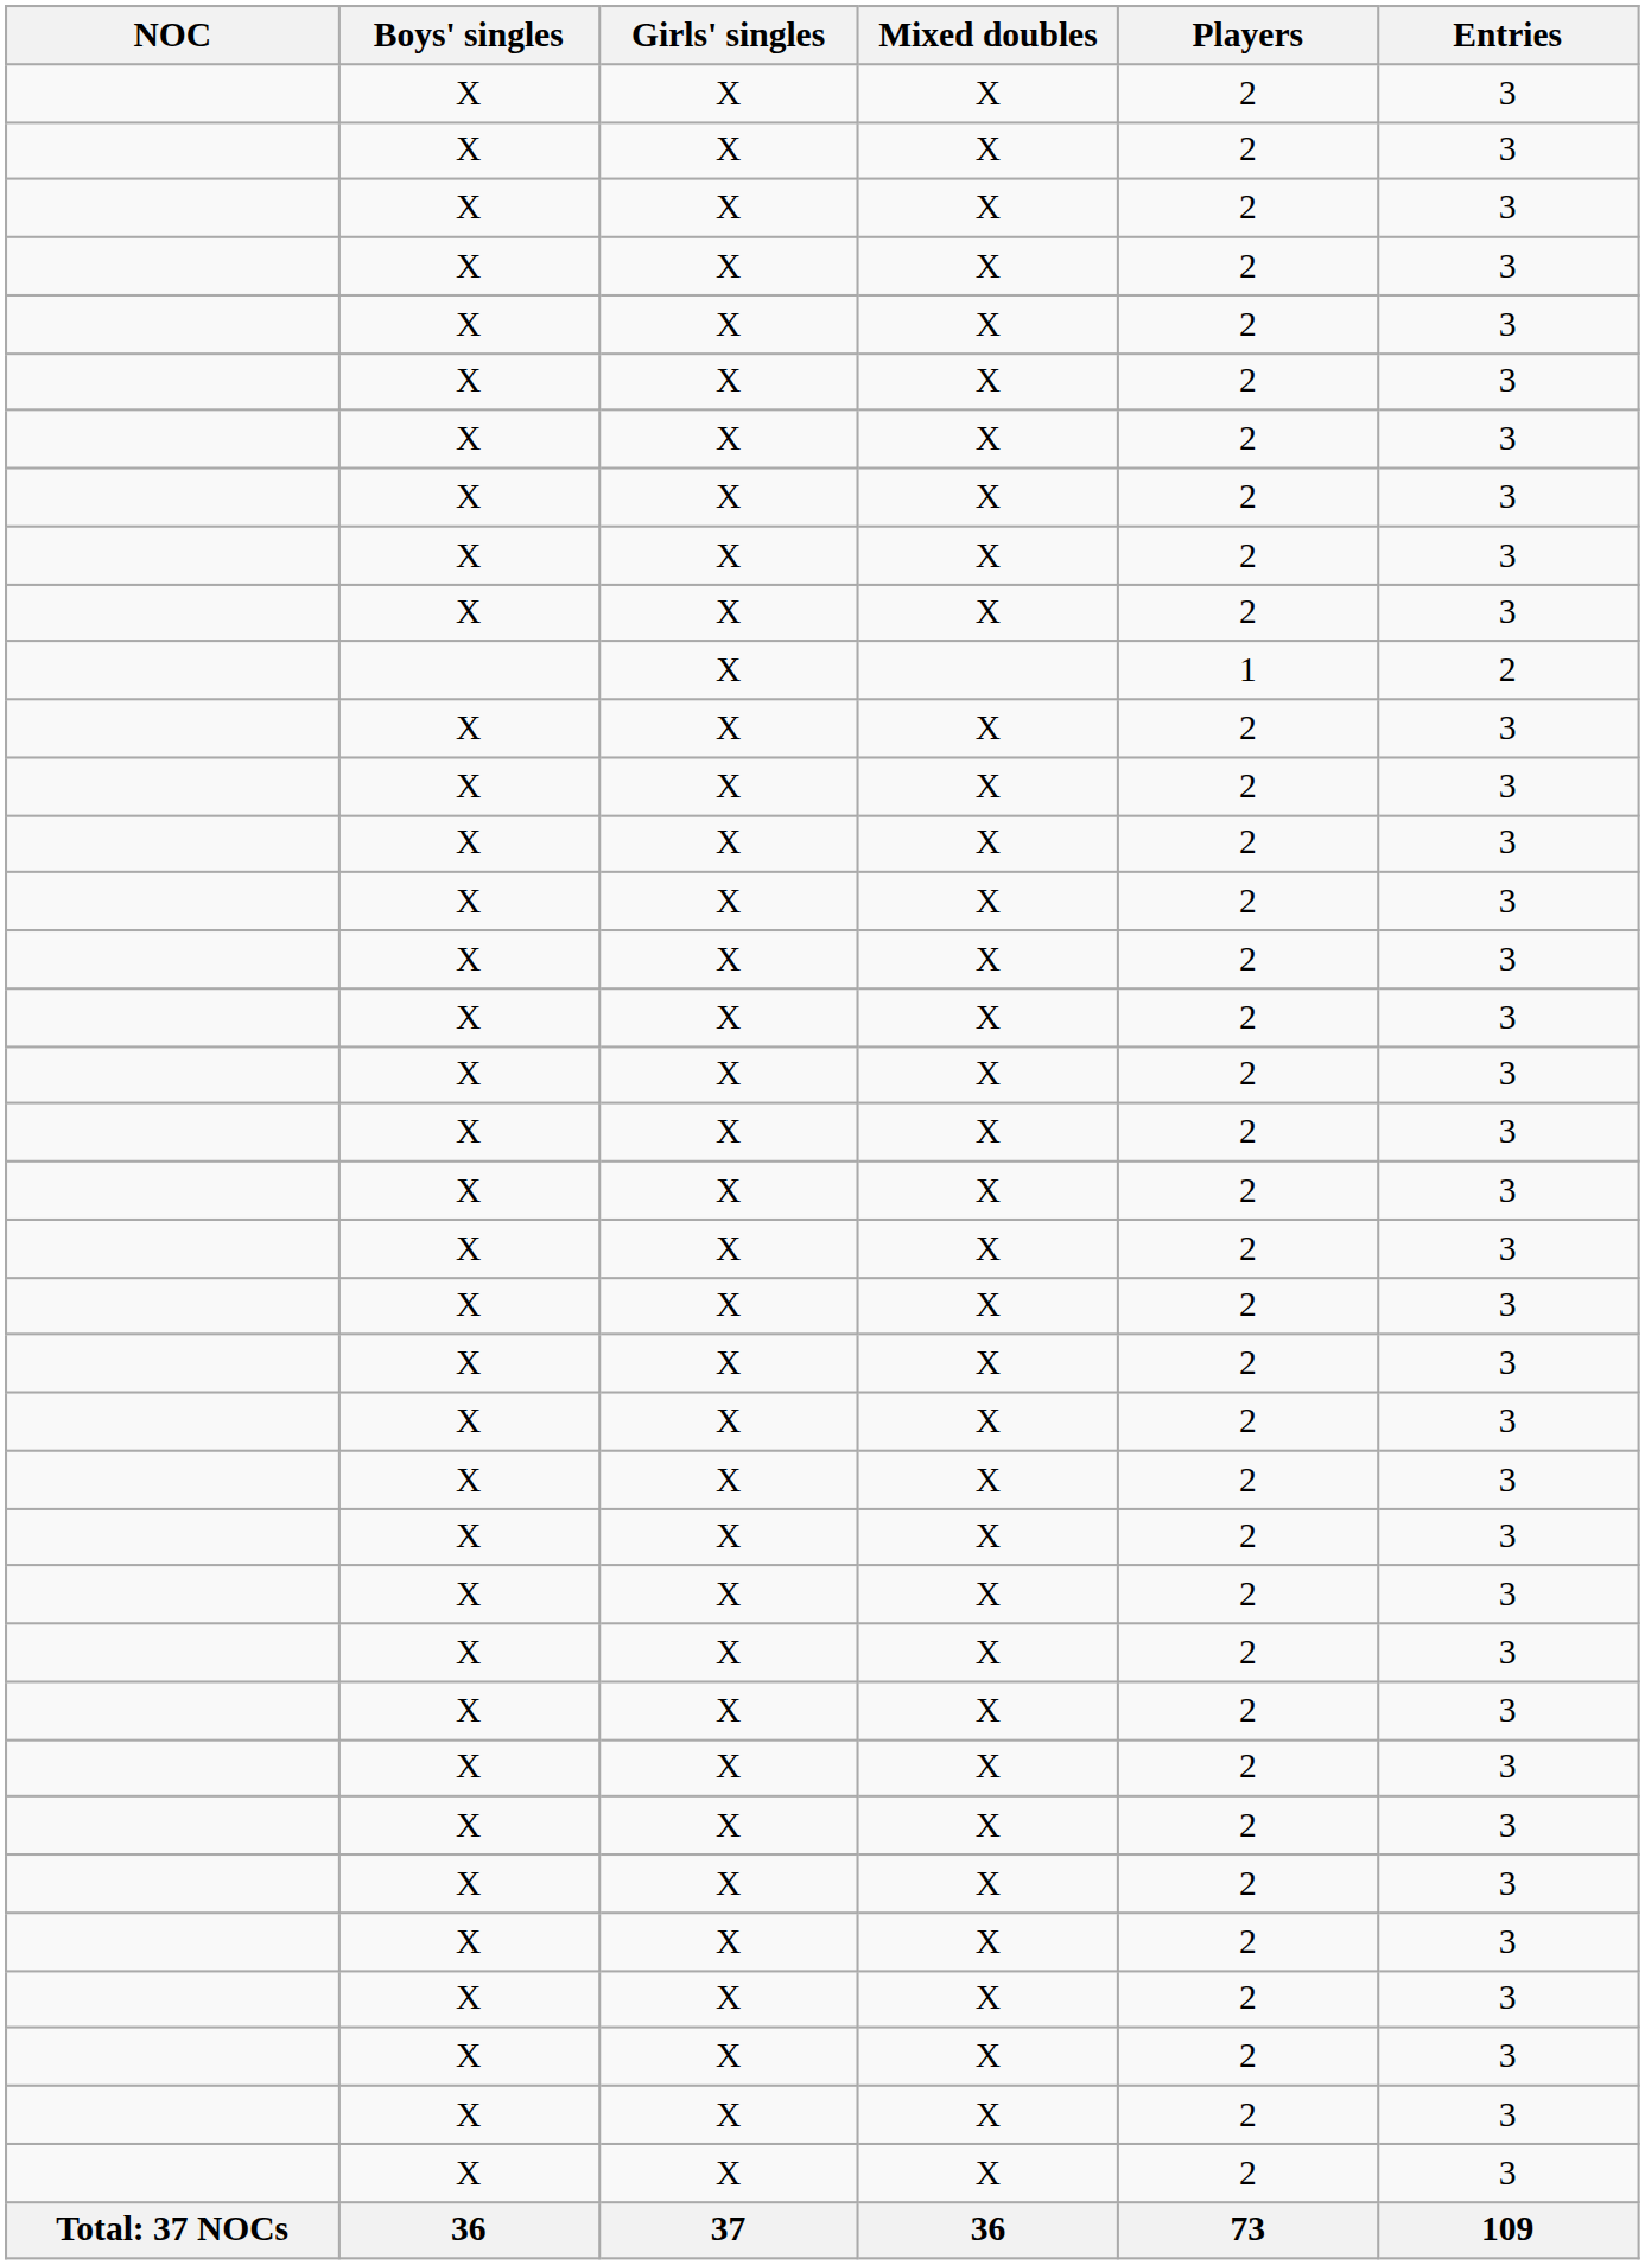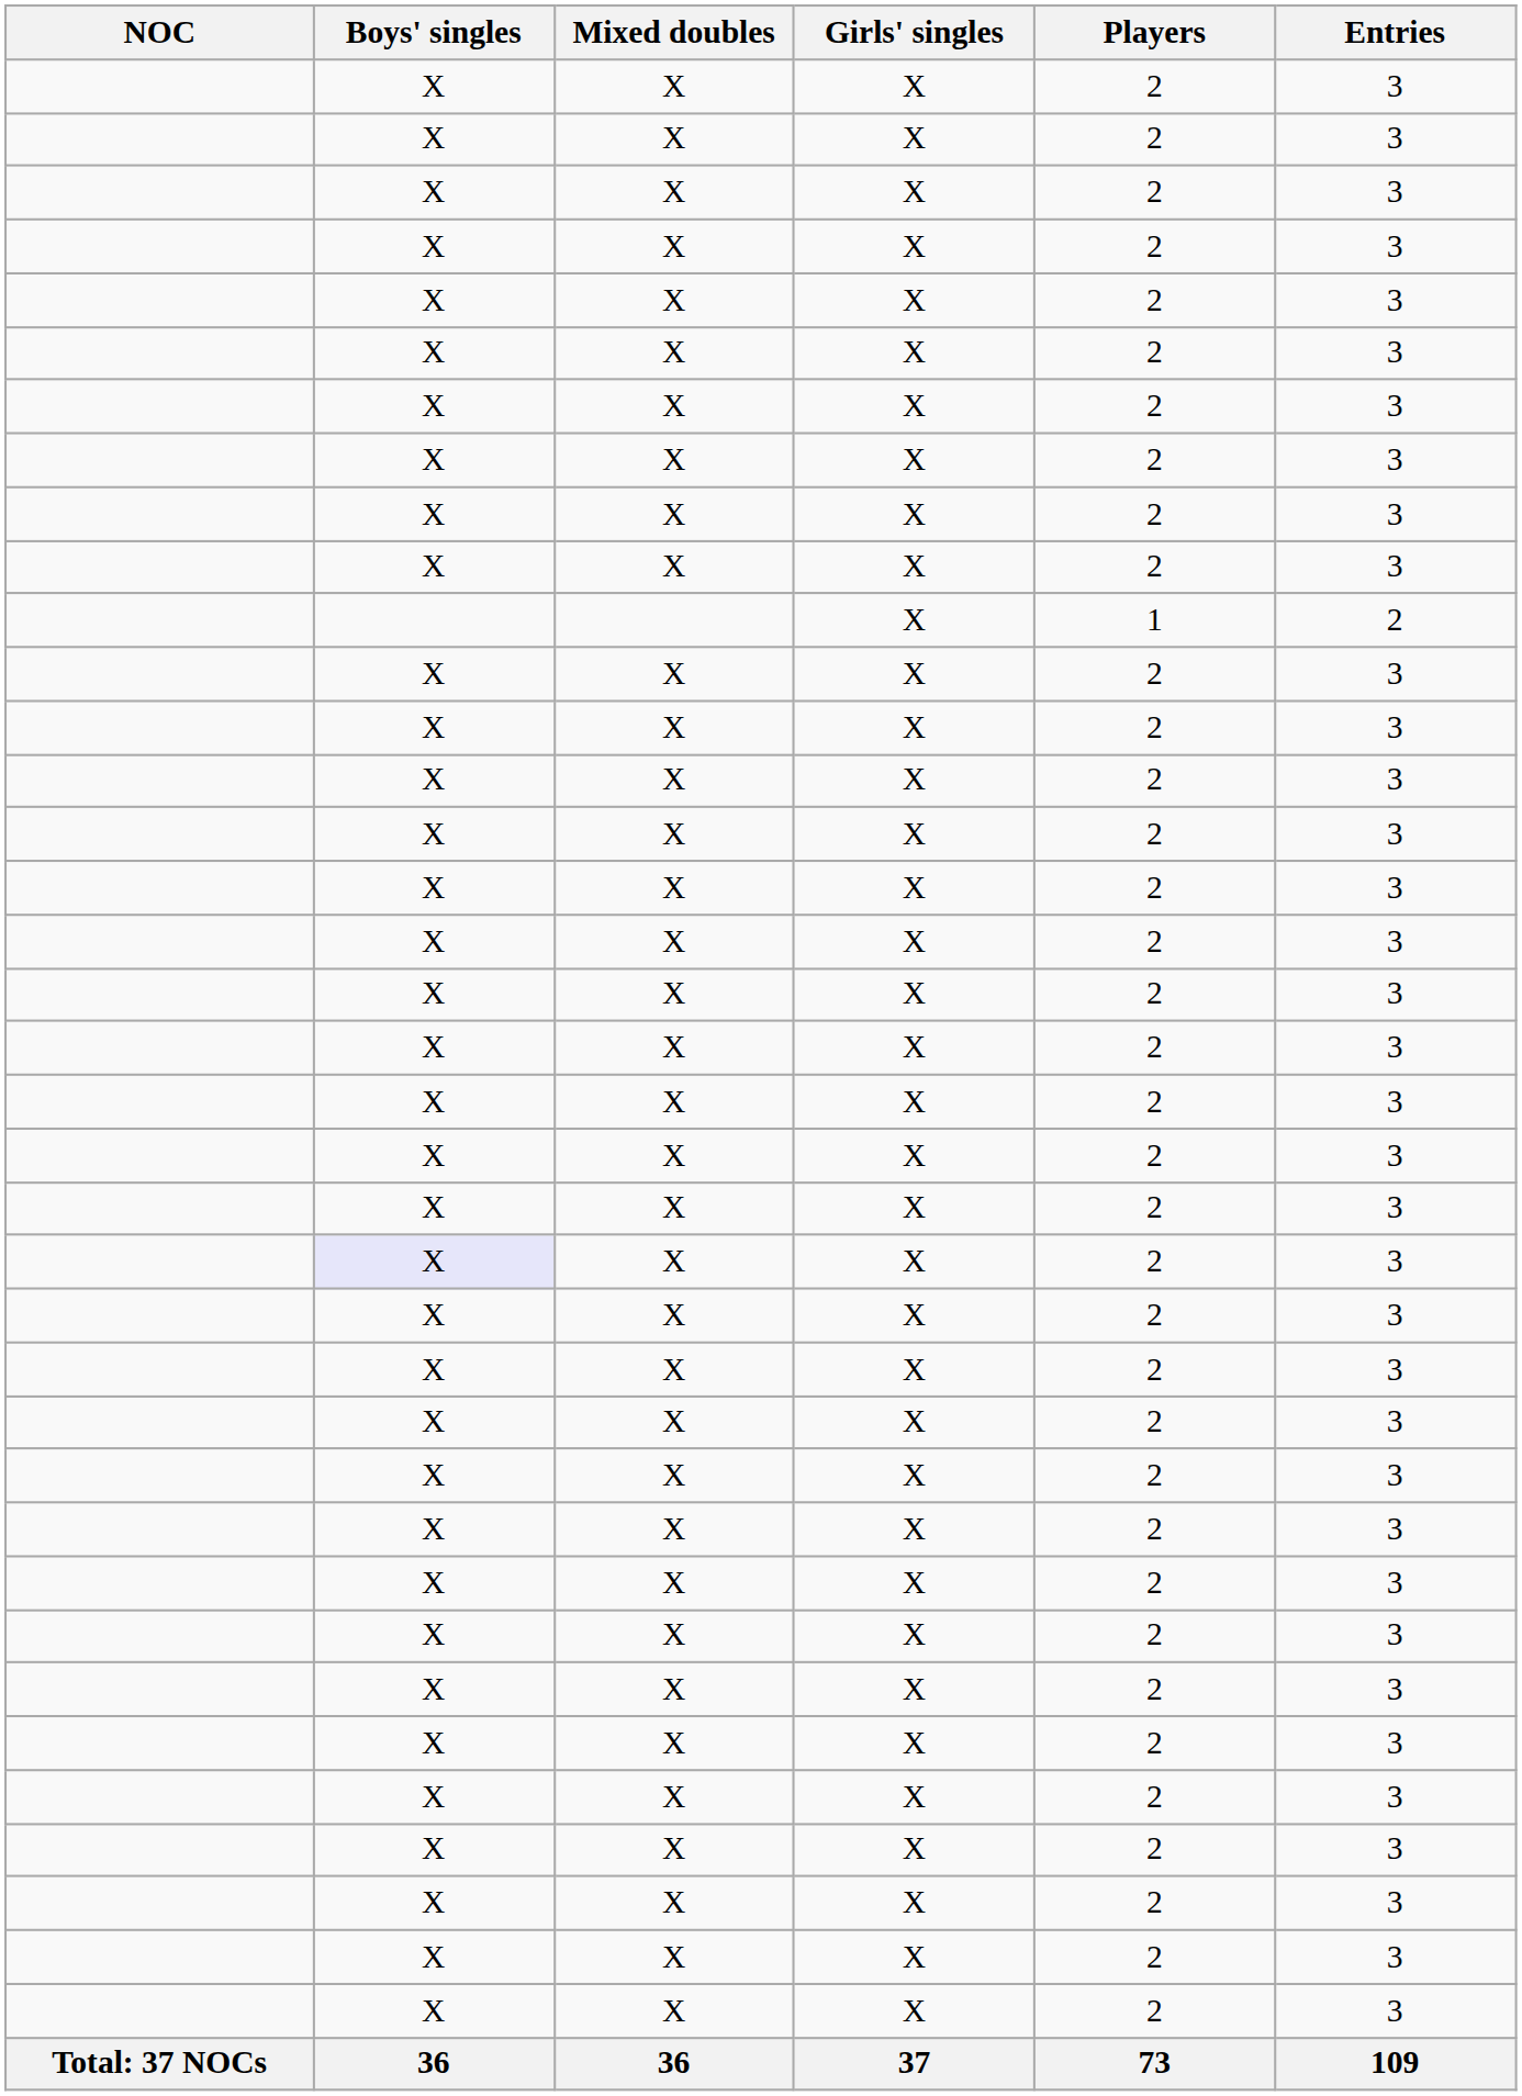 <table class="wikitable collapsible sortable"  style="width:550p1; text-align:center; font-size:90%;">
 <tr>
 <th width="130">NOC</th>
 <th width="100">Boys' singles</th>
+<th width="100">Mixed doubles</th>
 <th width="100">Girls' singles</th>
-<th width="100">Mixed doubles</th>
 <th width="100">Players</th>
 <th width="100">Entries</th>
 </tr>
 <tr>
 <td align="left"></td>
 <td>X</td>
 <td>X</td>
 <td>X</td>
 <td>2</td>
 <td>3</td>
 </tr>
 <tr>
 <td align="left"></td>
 <td>X</td>
 <td>X</td>
 <td>X</td>
 <td>2</td>
 <td>3</td>
 </tr>
 <tr>
 <td align="left"></td>
 <td>X</td>
 <td>X</td>
 <td>X</td>
 <td>2</td>
 <td>3</td>
 </tr>
 <tr>
 <td align="left"></td>
 <td>X</td>
 <td>X</td>
 <td>X</td>
 <td>2</td>
 <td>3</td>
 </tr>
 <tr>
 <td align="left"></td>
 <td>X</td>
 <td>X</td>
 <td>X</td>
 <td>2</td>
 <td>3</td>
 </tr>
 <tr>
 <td align="left"></td>
 <td>X</td>
 <td>X</td>
 <td>X</td>
 <td>2</td>
 <td>3</td>
 </tr>
 <tr>
 <td align="left"></td>
 <td>X</td>
 <td>X</td>
 <td>X</td>
 <td>2</td>
 <td>3</td>
 </tr>
 <tr>
 <td align="left"></td>
 <td>X</td>
 <td>X</td>
 <td>X</td>
 <td>2</td>
 <td>3</td>
 </tr>
 <tr>
 <td align="left"></td>
 <td>X</td>
 <td>X</td>
 <td>X</td>
 <td>2</td>
 <td>3</td>
 </tr>
 <tr>
 <td align="left"></td>
 <td>X</td>
 <td>X</td>
 <td>X</td>
 <td>2</td>
 <td>3</td>
 </tr>
 <tr>
 <td align="left"></td>
 <td></td>
+<td></td>
 <td>X</td>
-<td></td>
 <td>1</td>
 <td>2</td>
 </tr>
 <tr>
 <td align="left"></td>
 <td>X</td>
 <td>X</td>
 <td>X</td>
 <td>2</td>
 <td>3</td>
 </tr>
 <tr>
 <td align="left"></td>
 <td>X</td>
 <td>X</td>
 <td>X</td>
 <td>2</td>
 <td>3</td>
 </tr>
 <tr>
 <td align="left"></td>
 <td>X</td>
 <td>X</td>
 <td>X</td>
 <td>2</td>
 <td>3</td>
 </tr>
 <tr>
 <td align="left"></td>
 <td>X</td>
 <td>X</td>
 <td>X</td>
 <td>2</td>
 <td>3</td>
 </tr>
 <tr>
 <td align="left"></td>
 <td>X</td>
 <td>X</td>
 <td>X</td>
 <td>2</td>
 <td>3</td>
 </tr>
 <tr>
 <td align="left"></td>
 <td>X</td>
 <td>X</td>
 <td>X</td>
 <td>2</td>
 <td>3</td>
 </tr>
 <tr>
 <td align="left"></td>
 <td>X</td>
 <td>X</td>
 <td>X</td>
 <td>2</td>
 <td>3</td>
 </tr>
 <tr>
 <td align="left"></td>
 <td>X</td>
 <td>X</td>
 <td>X</td>
 <td>2</td>
 <td>3</td>
 </tr>
 <tr>
 <td align="left"></td>
 <td>X</td>
 <td>X</td>
 <td>X</td>
 <td>2</td>
 <td>3</td>
 </tr>
 <tr>
 <td align="left"></td>
 <td>X</td>
 <td>X</td>
 <td>X</td>
 <td>2</td>
 <td>3</td>
 </tr>
 <tr>
 <td align="left"></td>
 <td>X</td>
 <td>X</td>
 <td>X</td>
 <td>2</td>
 <td>3</td>
 </tr>
 <tr>
 <td align="left"></td>
-<td>X</td>
+<td style="background: lavender;">X</td>
 <td>X</td>
 <td>X</td>
 <td>2</td>
 <td>3</td>
 </tr>
 <tr>
 <td align="left"></td>
 <td>X</td>
 <td>X</td>
 <td>X</td>
 <td>2</td>
 <td>3</td>
 </tr>
 <tr>
 <td align="left"></td>
 <td>X</td>
 <td>X</td>
 <td>X</td>
 <td>2</td>
 <td>3</td>
 </tr>
 <tr>
 <td align="left"></td>
 <td>X</td>
 <td>X</td>
 <td>X</td>
 <td>2</td>
 <td>3</td>
 </tr>
 <tr>
 <td align="left"></td>
 <td>X</td>
 <td>X</td>
 <td>X</td>
 <td>2</td>
 <td>3</td>
 </tr>
 <tr>
 <td align="left"></td>
 <td>X</td>
 <td>X</td>
 <td>X</td>
 <td>2</td>
 <td>3</td>
 </tr>
 <tr>
 <td align="left"></td>
 <td>X</td>
 <td>X</td>
 <td>X</td>
 <td>2</td>
 <td>3</td>
 </tr>
 <tr>
 <td align="left"></td>
 <td>X</td>
 <td>X</td>
 <td>X</td>
 <td>2</td>
 <td>3</td>
 </tr>
 <tr>
 <td align="left"></td>
 <td>X</td>
 <td>X</td>
 <td>X</td>
 <td>2</td>
 <td>3</td>
 </tr>
 <tr>
 <td align="left"></td>
 <td>X</td>
 <td>X</td>
 <td>X</td>
 <td>2</td>
 <td>3</td>
 </tr>
 <tr>
 <td align="left"></td>
 <td>X</td>
 <td>X</td>
 <td>X</td>
 <td>2</td>
 <td>3</td>
 </tr>
 <tr>
 <td align="left"></td>
 <td>X</td>
 <td>X</td>
 <td>X</td>
 <td>2</td>
 <td>3</td>
 </tr>
 <tr>
 <td align="left"></td>
 <td>X</td>
 <td>X</td>
 <td>X</td>
 <td>2</td>
 <td>3</td>
 </tr>
 <tr>
 <td align="left"></td>
 <td>X</td>
 <td>X</td>
 <td>X</td>
 <td>2</td>
 <td>3</td>
 </tr>
 <tr>
 <td align="left"></td>
 <td>X</td>
 <td>X</td>
 <td>X</td>
 <td>2</td>
 <td>3</td>
 </tr>
 <tr>
 <th>Total: 37 NOCs</th>
 <th>36</th>
+<th>36</th>
 <th>37</th>
-<th>36</th>
 <th>73</th>
 <th>109</th>
 </tr>
 </table>
